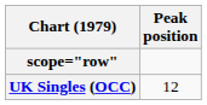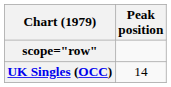 <table class="wikitable plainrowheaders">
 <tr>
 <th align="left">Chart (1979)</th>
 <th align="left">Peak<br>position</th>
 </tr>
 <tr>
 <th>scope="row" </th>
 </tr>
 <tr>
 <th scope="row"><a href='#'>UK Singles</a> (<a href='#'>OCC</a>)</th>
-<td align="center">12</td>
+<td align="center">14</td>
 </tr>
 </table>
